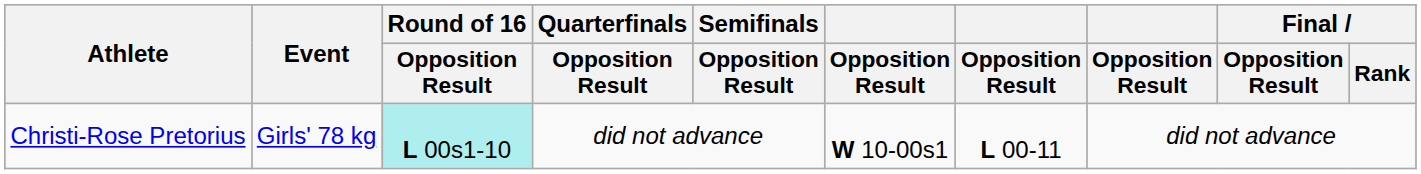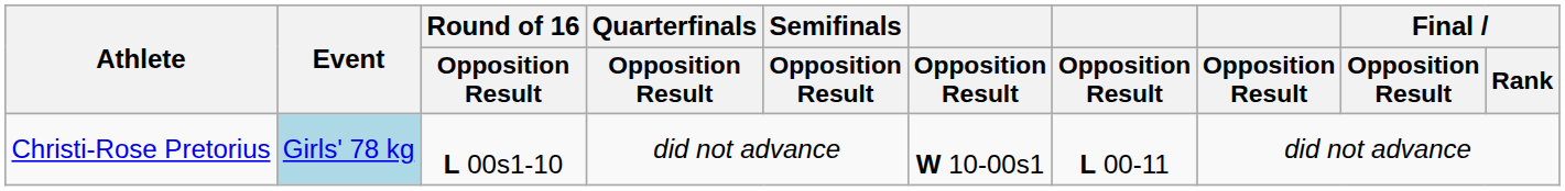 <table class="wikitable" style="font-size:90%">
 <tr>
 <th rowspan=2>Athlete</th>
 <th rowspan=2>Event</th>
 <th>Round of 16</th>
 <th>Quarterfinals</th>
 <th>Semifinals</th>
 <th></th>
 <th></th>
 <th></th>
 <th colspan=2>Final / </th>
 </tr>
 <tr style="font-size:95%">
 <th>Opposition<br>Result</th>
 <th>Opposition<br>Result</th>
 <th>Opposition<br>Result</th>
 <th>Opposition<br>Result</th>
 <th>Opposition<br>Result</th>
 <th>Opposition<br>Result</th>
 <th>Opposition<br>Result</th>
 <th>Rank</th>
 </tr>
 <tr align=center>
 <td><a href='#'>Christi-Rose Pretorius</a></td>
-<td><a href='#'>Girls' 78 kg</a></td>
-<td style="background: paleturquoise;"><br> <strong>L</strong> 00s1-10</td>
+<td style="background: lightblue;"><a href='#'>Girls' 78 kg</a></td>
+<td><br> <strong>L</strong> 00s1-10</td>
 <td Colspan=2><em>did not advance</em></td>
 <td><br> <strong>W</strong> 10-00s1</td>
 <td><br> <strong>L</strong> 00-11</td>
 <td Colspan=3><em>did not advance</em></td>
 </tr>
 </table>
